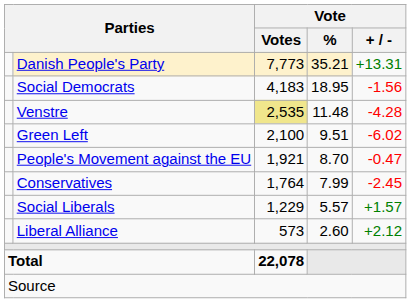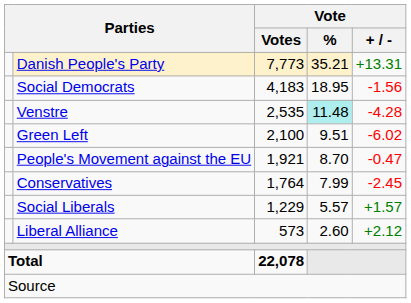 <table class="wikitable" style="text-align:right;">
 <tr>
 <th style="text-align:centre;" rowspan="2" colspan="2" width="225">Parties</th>
 <th colspan="3">Vote</th>
 </tr>
 <tr>
 <th width="15">Votes</th>
 <th width="15">%</th>
 <th width="15">+ / -</th>
 </tr>
 <tr>
 <td width="2" style="color:inherit;background:"></td>
 <td bgcolor=#fef2cc   align="left"><a href='#'>Danish People's Party</a></td>
 <td bgcolor=#fef2cc>7,773</td>
 <td bgcolor=#fef2cc>35.21</td>
 <td style=color:green;>+13.31</td>
 </tr>
 <tr>
 <td width="2" style="color:inherit;background:"></td>
 <td align="left"><a href='#'>Social Democrats</a></td>
 <td>4,183</td>
 <td>18.95</td>
 <td style=color:red;>-1.56</td>
 </tr>
 <tr>
 <td width="2" style="color:inherit;background:"></td>
 <td align="left"><a href='#'>Venstre</a></td>
-<td style="background: khaki;">2,535</td>
-<td>11.48</td>
+<td>2,535</td>
+<td style="background: paleturquoise;">11.48</td>
 <td style=color:red;>-4.28</td>
 </tr>
 <tr>
 <td width="2" style="color:inherit;background:"></td>
 <td align="left"><a href='#'>Green Left</a></td>
 <td>2,100</td>
 <td>9.51</td>
 <td style=color:red;>-6.02</td>
 </tr>
 <tr>
 <td width="2" style="color:inherit;background:"></td>
 <td align="left"><a href='#'>People's Movement against the EU</a></td>
 <td>1,921</td>
 <td>8.70</td>
 <td style=color:red;>-0.47</td>
 </tr>
 <tr>
 <td width="2" style="color:inherit;background:"></td>
 <td align="left"><a href='#'>Conservatives</a></td>
 <td>1,764</td>
 <td>7.99</td>
 <td style=color:red;>-2.45</td>
 </tr>
 <tr>
 <td width="2" style="color:inherit;background:"></td>
 <td align="left"><a href='#'>Social Liberals</a></td>
 <td>1,229</td>
 <td>5.57</td>
 <td style=color:green;>+1.57</td>
 </tr>
 <tr>
 <td width="2" style="color:inherit;background:"></td>
 <td align="left"><a href='#'>Liberal Alliance</a></td>
 <td>573</td>
 <td>2.60</td>
 <td style=color:green;>+2.12</td>
 </tr>
 <tr>
 <td colspan="7" bgcolor="#E9E9E9"></td>
 </tr>
 <tr>
 <td align="left" colspan="2"><strong>Total</strong></td>
 <td><strong>22,078</strong></td>
 <td bgcolor="#E9E9E9" colspan="2"></td>
 </tr>
 <tr>
 <td align="left" colspan="6">Source</td>
 </tr>
 </table>
